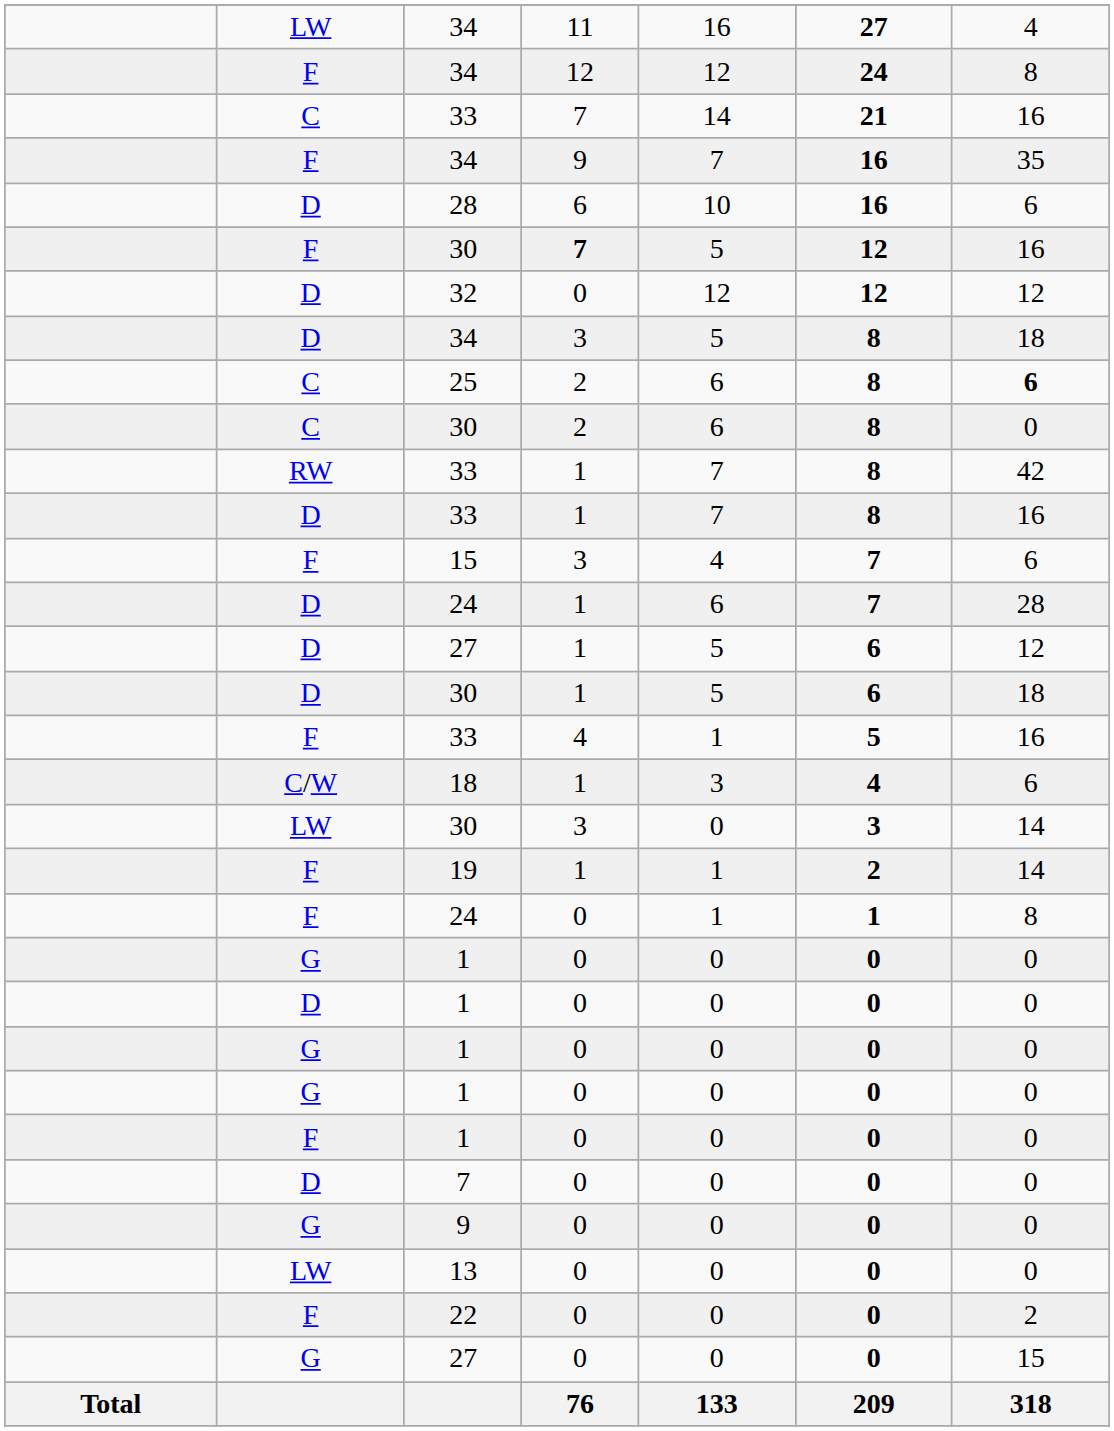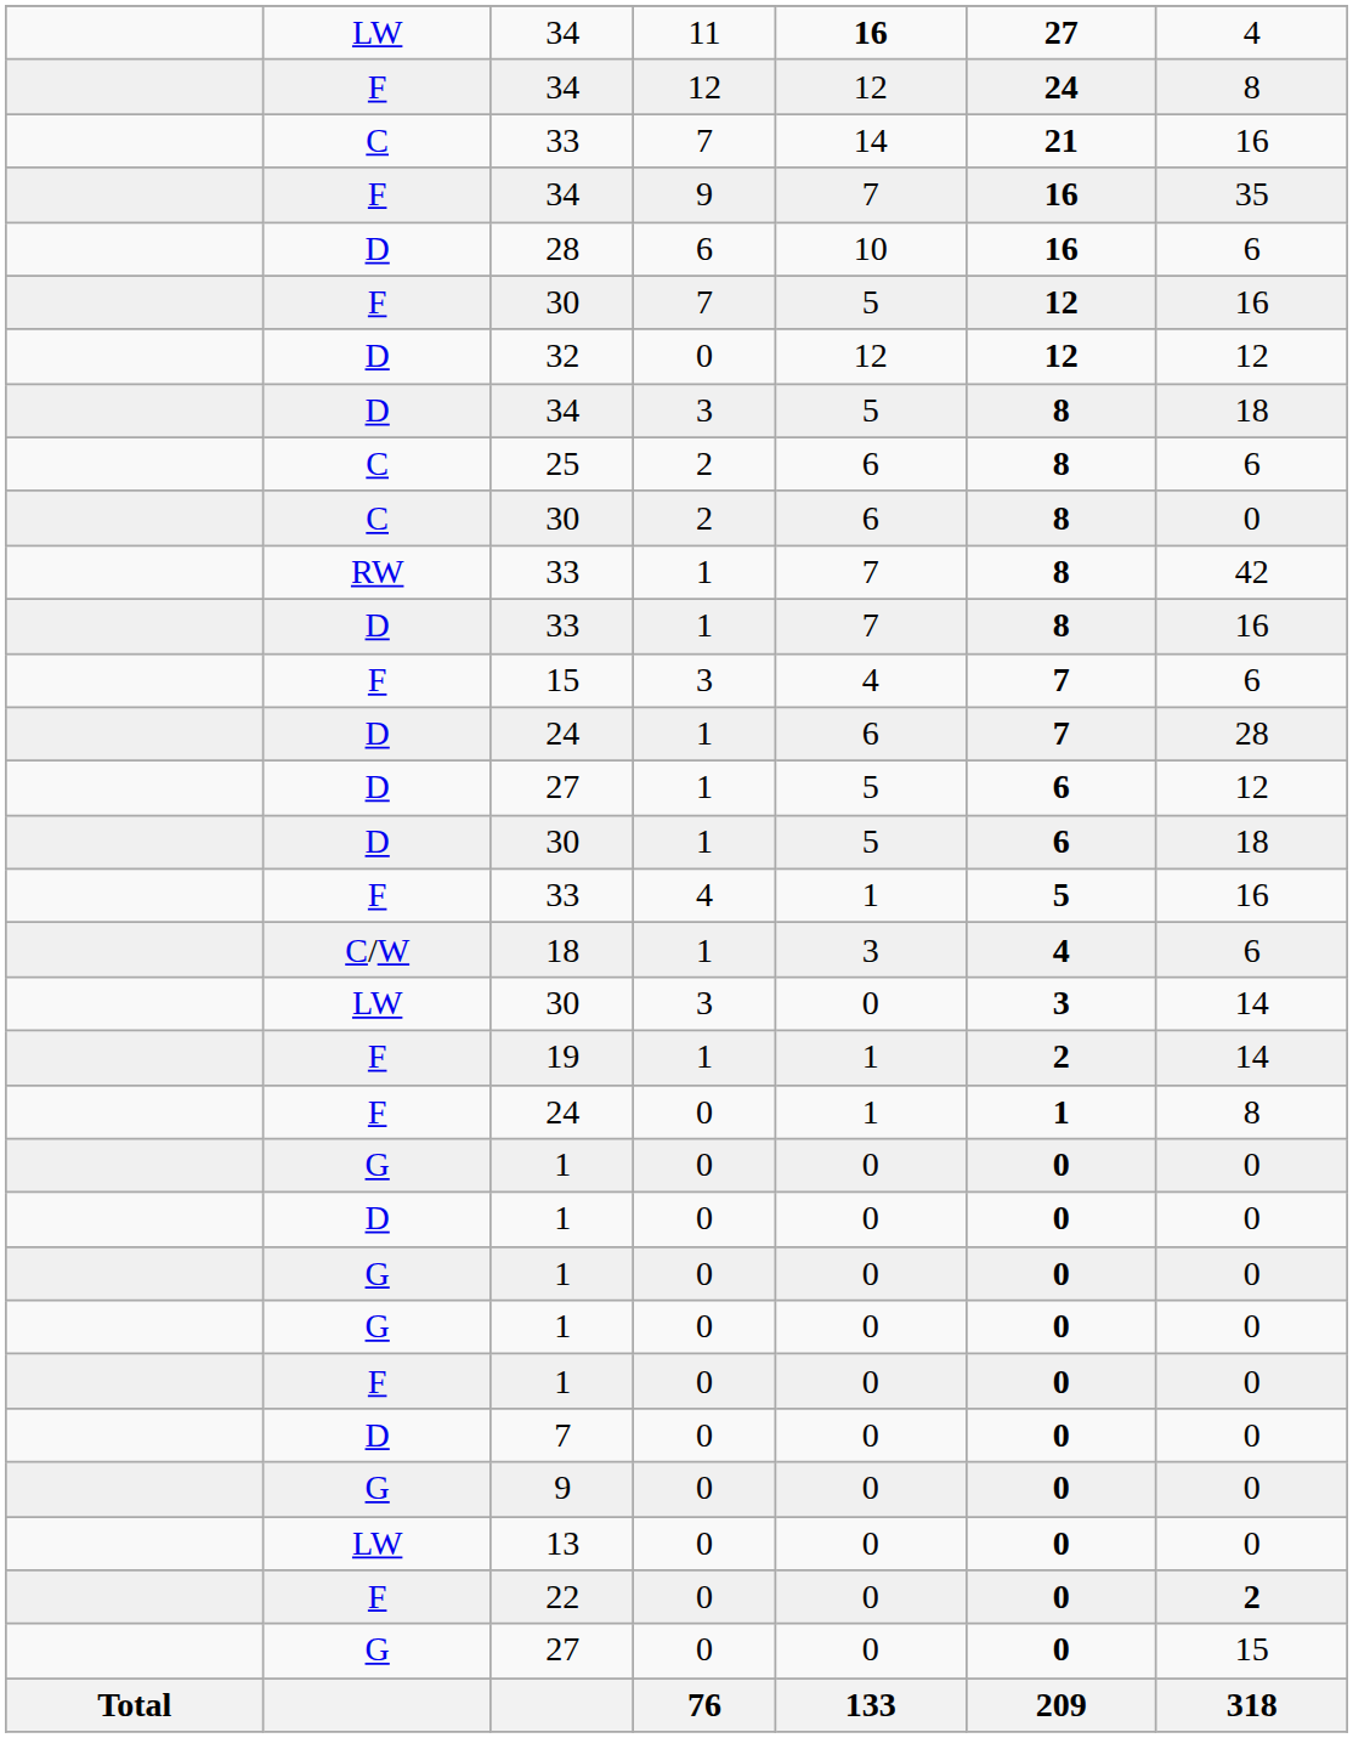 <table class="wikitable sortable" width ="50%">
 <tr align="center">
 </tr>
 <tr align="center" bgcolor="">
 <td></td>
 <td><a href='#'>LW</a></td>
 <td>34</td>
 <td>11</td>
-<td>16</td>
+<td><strong>16</strong></td>
 <td><strong>27</strong></td>
 <td>4</td>
 </tr>
 <tr align="center" bgcolor="f0f0f0">
 <td></td>
 <td><a href='#'>F</a></td>
 <td>34</td>
 <td>12</td>
 <td>12</td>
 <td><strong>24</strong></td>
 <td>8</td>
 </tr>
 <tr align="center" bgcolor="">
 <td></td>
 <td><a href='#'>C</a></td>
 <td>33</td>
 <td>7</td>
 <td>14</td>
 <td><strong>21</strong></td>
 <td>16</td>
 </tr>
 <tr align="center" bgcolor="f0f0f0">
 <td></td>
 <td><a href='#'>F</a></td>
 <td>34</td>
 <td>9</td>
 <td>7</td>
 <td><strong>16</strong></td>
 <td>35</td>
 </tr>
 <tr align="center" bgcolor="">
 <td></td>
 <td><a href='#'>D</a></td>
 <td>28</td>
 <td>6</td>
 <td>10</td>
 <td><strong>16</strong></td>
 <td>6</td>
 </tr>
 <tr align="center" bgcolor="f0f0f0">
 <td></td>
 <td><a href='#'>F</a></td>
 <td>30</td>
-<td><strong>7</strong></td>
+<td>7</td>
 <td>5</td>
 <td><strong>12</strong></td>
 <td>16</td>
 </tr>
 <tr align="center" bgcolor="">
 <td></td>
 <td><a href='#'>D</a></td>
 <td>32</td>
 <td>0</td>
 <td>12</td>
 <td><strong>12</strong></td>
 <td>12</td>
 </tr>
 <tr align="center" bgcolor="f0f0f0">
 <td></td>
 <td><a href='#'>D</a></td>
 <td>34</td>
 <td>3</td>
 <td>5</td>
 <td><strong>8</strong></td>
 <td>18</td>
 </tr>
 <tr align="center" bgcolor="">
 <td></td>
 <td><a href='#'>C</a></td>
 <td>25</td>
 <td>2</td>
 <td>6</td>
 <td><strong>8</strong></td>
-<td><strong>6</strong></td>
+<td>6</td>
 </tr>
 <tr align="center" bgcolor="f0f0f0">
 <td></td>
 <td><a href='#'>C</a></td>
 <td>30</td>
 <td>2</td>
 <td>6</td>
 <td><strong>8</strong></td>
 <td>0</td>
 </tr>
 <tr align="center" bgcolor="">
 <td></td>
 <td><a href='#'>RW</a></td>
 <td>33</td>
 <td>1</td>
 <td>7</td>
 <td><strong>8</strong></td>
 <td>42</td>
 </tr>
 <tr align="center" bgcolor="f0f0f0">
 <td></td>
 <td><a href='#'>D</a></td>
 <td>33</td>
 <td>1</td>
 <td>7</td>
 <td><strong>8</strong></td>
 <td>16</td>
 </tr>
 <tr align="center" bgcolor="">
 <td></td>
 <td><a href='#'>F</a></td>
 <td>15</td>
 <td>3</td>
 <td>4</td>
 <td><strong>7</strong></td>
 <td>6</td>
 </tr>
 <tr align="center" bgcolor="f0f0f0">
 <td></td>
 <td><a href='#'>D</a></td>
 <td>24</td>
 <td>1</td>
 <td>6</td>
 <td><strong>7</strong></td>
 <td>28</td>
 </tr>
 <tr align="center" bgcolor="">
 <td></td>
 <td><a href='#'>D</a></td>
 <td>27</td>
 <td>1</td>
 <td>5</td>
 <td><strong>6</strong></td>
 <td>12</td>
 </tr>
 <tr align="center" bgcolor="f0f0f0">
 <td></td>
 <td><a href='#'>D</a></td>
 <td>30</td>
 <td>1</td>
 <td>5</td>
 <td><strong>6</strong></td>
 <td>18</td>
 </tr>
 <tr align="center" bgcolor="">
 <td></td>
 <td><a href='#'>F</a></td>
 <td>33</td>
 <td>4</td>
 <td>1</td>
 <td><strong>5</strong></td>
 <td>16</td>
 </tr>
 <tr align="center" bgcolor="f0f0f0">
 <td></td>
 <td><a href='#'>C</a>/<a href='#'>W</a></td>
 <td>18</td>
 <td>1</td>
 <td>3</td>
 <td><strong>4</strong></td>
 <td>6</td>
 </tr>
 <tr align="center" bgcolor="">
 <td></td>
 <td><a href='#'>LW</a></td>
 <td>30</td>
 <td>3</td>
 <td>0</td>
 <td><strong>3</strong></td>
 <td>14</td>
 </tr>
 <tr align="center" bgcolor="f0f0f0">
 <td></td>
 <td><a href='#'>F</a></td>
 <td>19</td>
 <td>1</td>
 <td>1</td>
 <td><strong>2</strong></td>
 <td>14</td>
 </tr>
 <tr align="center" bgcolor="">
 <td></td>
 <td><a href='#'>F</a></td>
 <td>24</td>
 <td>0</td>
 <td>1</td>
 <td><strong>1</strong></td>
 <td>8</td>
 </tr>
 <tr align="center" bgcolor="f0f0f0">
 <td></td>
 <td><a href='#'>G</a></td>
 <td>1</td>
 <td>0</td>
 <td>0</td>
 <td><strong>0</strong></td>
 <td>0</td>
 </tr>
 <tr align="center" bgcolor="">
 <td></td>
 <td><a href='#'>D</a></td>
 <td>1</td>
 <td>0</td>
 <td>0</td>
 <td><strong>0</strong></td>
 <td>0</td>
 </tr>
 <tr align="center" bgcolor="f0f0f0">
 <td></td>
 <td><a href='#'>G</a></td>
 <td>1</td>
 <td>0</td>
 <td>0</td>
 <td><strong>0</strong></td>
 <td>0</td>
 </tr>
 <tr align="center" bgcolor="">
 <td></td>
 <td><a href='#'>G</a></td>
 <td>1</td>
 <td>0</td>
 <td>0</td>
 <td><strong>0</strong></td>
 <td>0</td>
 </tr>
 <tr align="center" bgcolor="f0f0f0">
 <td></td>
 <td><a href='#'>F</a></td>
 <td>1</td>
 <td>0</td>
 <td>0</td>
 <td><strong>0</strong></td>
 <td>0</td>
 </tr>
 <tr align="center" bgcolor="">
 <td></td>
 <td><a href='#'>D</a></td>
 <td>7</td>
 <td>0</td>
 <td>0</td>
 <td><strong>0</strong></td>
 <td>0</td>
 </tr>
 <tr align="center" bgcolor="f0f0f0">
 <td></td>
 <td><a href='#'>G</a></td>
 <td>9</td>
 <td>0</td>
 <td>0</td>
 <td><strong>0</strong></td>
 <td>0</td>
 </tr>
 <tr align="center" bgcolor="">
 <td></td>
 <td><a href='#'>LW</a></td>
 <td>13</td>
 <td>0</td>
 <td>0</td>
 <td><strong>0</strong></td>
 <td>0</td>
 </tr>
 <tr align="center" bgcolor="f0f0f0">
 <td></td>
 <td><a href='#'>F</a></td>
 <td>22</td>
 <td>0</td>
 <td>0</td>
 <td><strong>0</strong></td>
-<td>2</td>
+<td><strong>2</strong></td>
 </tr>
 <tr align="center" bgcolor="">
 <td></td>
 <td><a href='#'>G</a></td>
 <td>27</td>
 <td>0</td>
 <td>0</td>
 <td><strong>0</strong></td>
 <td>15</td>
 </tr>
 <tr>
 <th>Total</th>
 <th></th>
 <th></th>
 <th>76</th>
 <th>133</th>
 <th>209</th>
 <th>318</th>
 </tr>
 </table>
